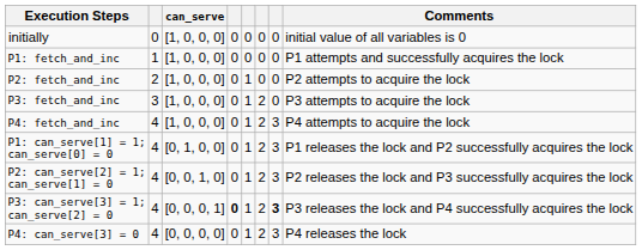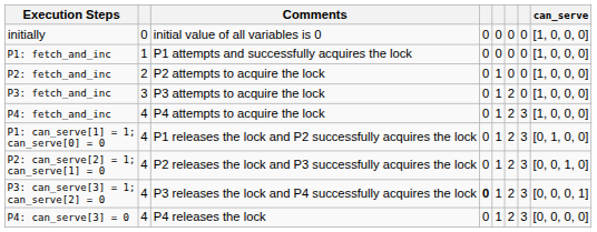 <table class="wikitable">
 <tr>
 <th>Execution Steps</th>
 <th></th>
-<th style="font-family:monospace">can_serve</th>
+<th>Comments</th>
 <th></th>
 <th></th>
 <th></th>
 <th></th>
-<th>Comments</th>
+<th style="font-family:monospace">can_serve</th>
 </tr>
 <tr>
 <td>initially</td>
 <td>0</td>
-<td>[1, 0, 0, 0]</td>
+<td>initial value of all variables is 0</td>
 <td>0</td>
 <td>0</td>
 <td>0</td>
 <td>0</td>
-<td>initial value of all variables is 0</td>
+<td>[1, 0, 0, 0]</td>
 </tr>
 <tr>
 <td style="font-family:monospace;">P1: fetch_and_inc</td>
 <td>1</td>
-<td>[1, 0, 0, 0]</td>
+<td>P1 attempts and successfully acquires the lock</td>
 <td>0</td>
 <td>0</td>
 <td>0</td>
 <td>0</td>
-<td>P1 attempts and successfully acquires the lock</td>
+<td>[1, 0, 0, 0]</td>
 </tr>
 <tr>
 <td style="font-family:monospace;">P2: fetch_and_inc</td>
 <td>2</td>
-<td>[1, 0, 0, 0]</td>
+<td>P2 attempts to acquire the lock</td>
 <td>0</td>
 <td>1</td>
 <td>0</td>
 <td>0</td>
-<td>P2 attempts to acquire the lock</td>
+<td>[1, 0, 0, 0]</td>
 </tr>
 <tr>
 <td style="font-family:monospace;">P3: fetch_and_inc</td>
 <td>3</td>
-<td>[1, 0, 0, 0]</td>
+<td>P3 attempts to acquire the lock</td>
 <td>0</td>
 <td>1</td>
 <td>2</td>
 <td>0</td>
-<td>P3 attempts to acquire the lock</td>
+<td>[1, 0, 0, 0]</td>
 </tr>
 <tr>
 <td style="font-family:monospace;">P4: fetch_and_inc</td>
 <td>4</td>
-<td>[1, 0, 0, 0]</td>
+<td>P4 attempts to acquire the lock</td>
 <td>0</td>
 <td>1</td>
 <td>2</td>
 <td>3</td>
-<td>P4 attempts to acquire the lock</td>
+<td>[1, 0, 0, 0]</td>
 </tr>
 <tr>
 <td style="font-family:monospace;">P1: can_serve[1] = 1;<br>can_serve[0] = 0</td>
 <td>4</td>
-<td>[0, 1, 0, 0]</td>
+<td>P1 releases the lock and P2 successfully acquires the lock</td>
 <td>0</td>
 <td>1</td>
 <td>2</td>
 <td>3</td>
-<td>P1 releases the lock and P2 successfully acquires the lock</td>
+<td>[0, 1, 0, 0]</td>
 </tr>
 <tr>
 <td style="font-family:monospace;">P2: can_serve[2] = 1;<br>can_serve[1] = 0</td>
 <td>4</td>
-<td>[0, 0, 1, 0]</td>
+<td>P2 releases the lock and P3 successfully acquires the lock</td>
 <td>0</td>
 <td>1</td>
 <td>2</td>
 <td>3</td>
-<td>P2 releases the lock and P3 successfully acquires the lock</td>
+<td>[0, 0, 1, 0]</td>
 </tr>
 <tr>
 <td style="font-family:monospace;">P3: can_serve[3] = 1;<br>can_serve[2] = 0</td>
 <td>4</td>
-<td>[0, 0, 0, 1]</td>
+<td>P3 releases the lock and P4 successfully acquires the lock</td>
 <td><strong>0</strong></td>
 <td>1</td>
 <td>2</td>
-<td><strong>3</strong></td>
-<td>P3 releases the lock and P4 successfully acquires the lock</td>
+<td>3</td>
+<td>[0, 0, 0, 1]</td>
 </tr>
 <tr>
 <td style="font-family:monospace;">P4: can_serve[3] = 0</td>
 <td>4</td>
-<td>[0, 0, 0, 0]</td>
+<td>P4 releases the lock</td>
 <td>0</td>
 <td>1</td>
 <td>2</td>
 <td>3</td>
-<td>P4 releases the lock</td>
+<td>[0, 0, 0, 0]</td>
 </tr>
 </table>
